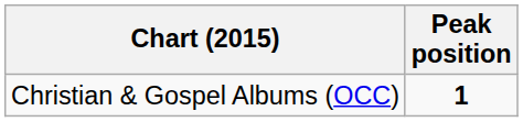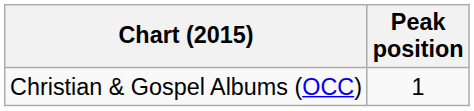 <table class="wikitable plainrowheaders sortable" style="text-align:center">
 <tr>
 <th scope="col">Chart (2015)</th>
 <th scope="col">Peak<br>position</th>
 </tr>
 <tr>
 <td scope="row">Christian & Gospel Albums (<a href='#'>OCC</a>)</td>
-<td scope="row"><strong>1</strong></td>
+<td scope="row">1</td>
 </tr>
 </table>
